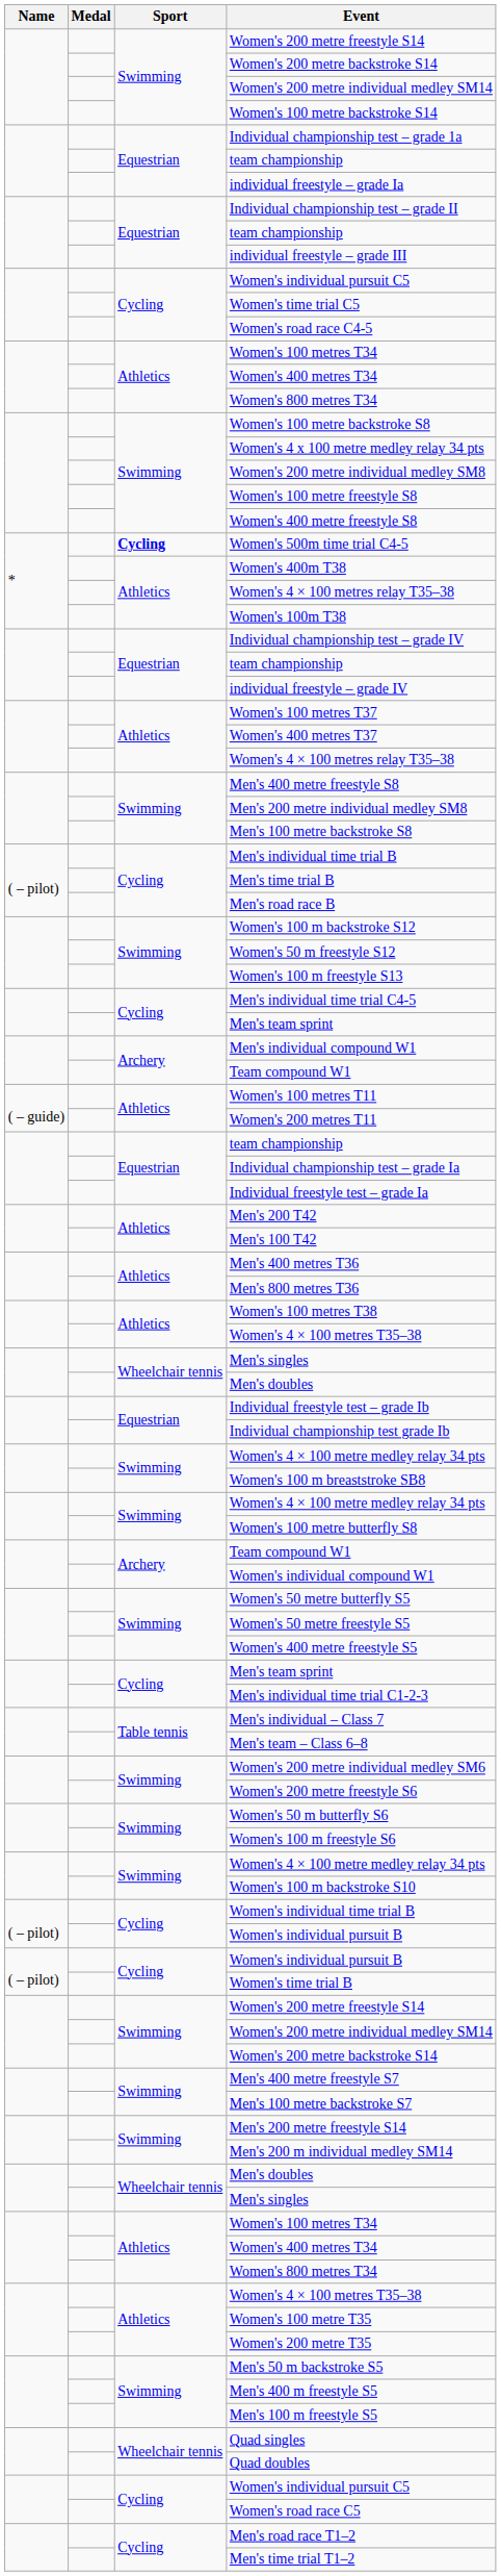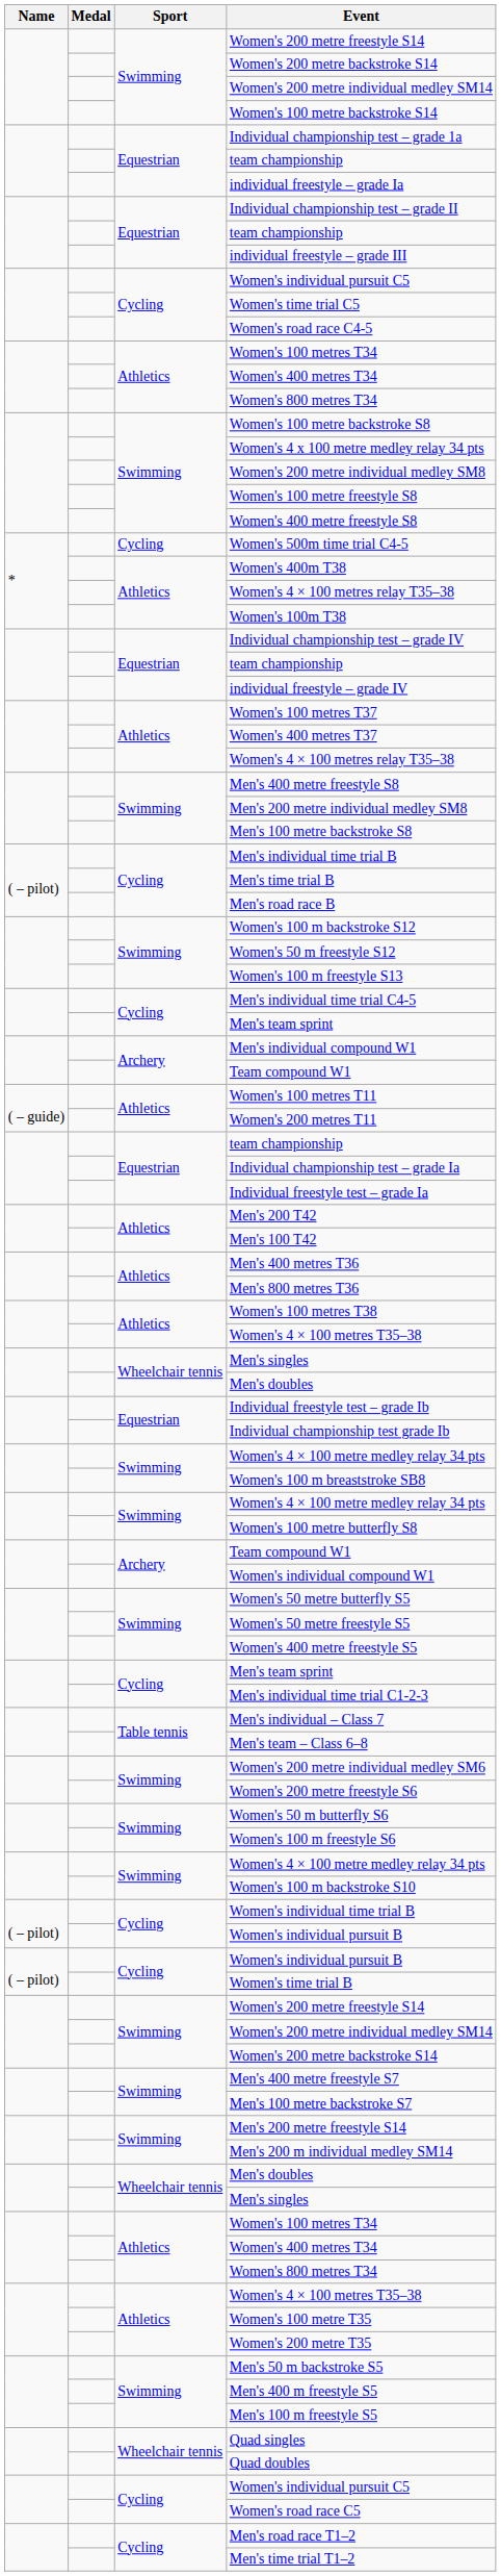 <table class="wikitable sortable" style="font-size:90%">
 <tr>
 <th>Name</th>
 <th>Medal</th>
 <th>Sport</th>
 <th>Event</th>
 </tr>
 <tr>
 <td rowspan=4></td>
 <td></td>
 <td rowspan=4><a href='#'>Swimming</a></td>
 <td><a href='#'>Women's 200 metre freestyle S14</a></td>
 </tr>
 <tr>
 <td></td>
 <td><a href='#'>Women's 200 metre backstroke S14</a></td>
 </tr>
 <tr>
 <td></td>
 <td><a href='#'>Women's 200 metre individual medley SM14</a></td>
 </tr>
 <tr>
 <td></td>
 <td><a href='#'>Women's 100 metre backstroke S14</a></td>
 </tr>
 <tr>
 <td rowspan=3></td>
 <td></td>
 <td rowspan="3"><a href='#'>Equestrian</a></td>
 <td><a href='#'>Individual championship test – grade 1a</a></td>
 </tr>
 <tr>
 <td></td>
 <td><a href='#'>team championship</a></td>
 </tr>
 <tr>
 <td></td>
 <td><a href='#'>individual freestyle – grade Ia</a></td>
 </tr>
 <tr>
 <td rowspan=3></td>
 <td></td>
 <td rowspan=3><a href='#'>Equestrian</a></td>
 <td><a href='#'>Individual championship test – grade II</a></td>
 </tr>
 <tr>
 <td></td>
 <td><a href='#'>team championship</a></td>
 </tr>
 <tr>
 <td></td>
 <td><a href='#'>individual freestyle – grade III</a></td>
 </tr>
 <tr>
 <td rowspan=3></td>
 <td></td>
 <td rowspan=3><a href='#'>Cycling</a></td>
 <td><a href='#'>Women's individual pursuit C5</a></td>
 </tr>
 <tr>
 <td></td>
 <td><a href='#'>Women's time trial C5</a></td>
 </tr>
 <tr>
 <td></td>
 <td><a href='#'>Women's road race C4-5</a></td>
 </tr>
 <tr>
 <td rowspan=3></td>
 <td></td>
 <td rowspan=3><a href='#'>Athletics</a></td>
 <td><a href='#'>Women's 100 metres T34</a></td>
 </tr>
 <tr>
 <td></td>
 <td><a href='#'>Women's 400 metres T34</a></td>
 </tr>
 <tr>
 <td></td>
 <td><a href='#'>Women's 800 metres T34</a></td>
 </tr>
 <tr>
 <td rowspan=5></td>
 <td></td>
 <td rowspan=5><a href='#'>Swimming</a></td>
 <td><a href='#'>Women's 100 metre backstroke S8</a></td>
 </tr>
 <tr>
 <td></td>
 <td><a href='#'>Women's 4 x 100 metre medley relay 34 pts</a></td>
 </tr>
 <tr>
 <td></td>
 <td><a href='#'>Women's 200 metre individual medley SM8</a></td>
 </tr>
 <tr>
 <td></td>
 <td><a href='#'>Women's 100 metre freestyle S8</a></td>
 </tr>
 <tr>
 <td></td>
 <td><a href='#'>Women's 400 metre freestyle S8</a></td>
 </tr>
 <tr>
 <td rowspan=4> *</td>
 <td></td>
-<td><strong><a href='#'>Cycling</a></strong></td>
+<td><a href='#'>Cycling</a></td>
 <td><a href='#'>Women's 500m time trial C4-5</a></td>
 </tr>
 <tr>
 <td></td>
 <td rowspan="3"><a href='#'>Athletics</a></td>
 <td><a href='#'>Women's 400m T38</a></td>
 </tr>
 <tr>
 <td></td>
 <td><a href='#'>Women's 4 × 100 metres relay T35–38</a></td>
 </tr>
 <tr>
 <td></td>
 <td><a href='#'>Women's 100m T38</a></td>
 </tr>
 <tr>
 <td rowspan=3></td>
 <td></td>
 <td rowspan=3><a href='#'>Equestrian</a></td>
 <td><a href='#'>Individual championship test – grade IV</a></td>
 </tr>
 <tr>
 <td></td>
 <td><a href='#'>team championship</a></td>
 </tr>
 <tr>
 <td></td>
 <td><a href='#'>individual freestyle – grade IV</a></td>
 </tr>
 <tr>
 <td rowspan=3></td>
 <td></td>
 <td rowspan=3><a href='#'>Athletics</a></td>
 <td><a href='#'>Women's 100 metres T37</a></td>
 </tr>
 <tr>
 <td></td>
 <td><a href='#'>Women's 400 metres T37</a></td>
 </tr>
 <tr>
 <td></td>
 <td><a href='#'>Women's 4 × 100 metres relay T35–38</a></td>
 </tr>
 <tr>
 <td rowspan=3></td>
 <td></td>
 <td rowspan=3><a href='#'>Swimming</a></td>
 <td><a href='#'>Men's 400 metre freestyle S8</a></td>
 </tr>
 <tr>
 <td></td>
 <td><a href='#'>Men's 200 metre individual medley SM8</a></td>
 </tr>
 <tr>
 <td></td>
 <td><a href='#'>Men's 100 metre backstroke S8</a></td>
 </tr>
 <tr>
 <td rowspan=3><br>( – pilot)</td>
 <td></td>
 <td rowspan=3><a href='#'>Cycling</a></td>
 <td><a href='#'>Men's individual time trial B</a></td>
 </tr>
 <tr>
 <td></td>
 <td><a href='#'>Men's time trial B</a></td>
 </tr>
 <tr>
 <td></td>
 <td><a href='#'>Men's road race B</a></td>
 </tr>
 <tr>
 <td rowspan=3></td>
 <td></td>
 <td rowspan=3><a href='#'>Swimming</a></td>
 <td><a href='#'>Women's 100 m backstroke S12</a></td>
 </tr>
 <tr>
 <td></td>
 <td><a href='#'>Women's 50 m freestyle S12</a></td>
 </tr>
 <tr>
 <td></td>
 <td><a href='#'>Women's 100 m freestyle S13</a></td>
 </tr>
 <tr>
 <td rowspan=2></td>
 <td></td>
 <td rowspan=2><a href='#'>Cycling</a></td>
 <td><a href='#'>Men's individual time trial C4-5</a></td>
 </tr>
 <tr>
 <td></td>
 <td><a href='#'>Men's team sprint</a></td>
 </tr>
 <tr>
 <td rowspan=2></td>
 <td></td>
 <td rowspan=2><a href='#'>Archery</a></td>
 <td><a href='#'>Men's individual compound W1</a></td>
 </tr>
 <tr>
 <td></td>
 <td><a href='#'>Team compound W1</a></td>
 </tr>
 <tr>
 <td rowspan=2><br>( – guide)</td>
 <td></td>
 <td rowspan=2><a href='#'>Athletics</a></td>
 <td><a href='#'>Women's 100 metres T11</a></td>
 </tr>
 <tr>
 <td></td>
 <td><a href='#'>Women's 200 metres T11</a></td>
 </tr>
 <tr>
 <td rowspan=3></td>
 <td></td>
 <td rowspan=3><a href='#'>Equestrian</a></td>
 <td><a href='#'>team championship</a></td>
 </tr>
 <tr>
 <td></td>
 <td><a href='#'>Individual championship test – grade Ia</a></td>
 </tr>
 <tr>
 <td></td>
 <td><a href='#'>Individual freestyle test – grade Ia</a></td>
 </tr>
 <tr>
 <td rowspan=2></td>
 <td></td>
 <td rowspan=2><a href='#'>Athletics</a></td>
 <td><a href='#'>Men's 200 T42</a></td>
 </tr>
 <tr>
 <td></td>
 <td><a href='#'>Men's 100 T42</a></td>
 </tr>
 <tr>
 <td rowspan=2></td>
 <td></td>
 <td rowspan=2><a href='#'>Athletics</a></td>
 <td><a href='#'>Men's 400 metres T36</a></td>
 </tr>
 <tr>
 <td></td>
 <td><a href='#'>Men's 800 metres T36</a></td>
 </tr>
 <tr>
 <td rowspan=2></td>
 <td></td>
 <td rowspan=2><a href='#'>Athletics</a></td>
 <td><a href='#'>Women's 100 metres T38</a></td>
 </tr>
 <tr>
 <td></td>
 <td><a href='#'>Women's 4 × 100 metres T35–38</a></td>
 </tr>
 <tr>
 <td rowspan=2></td>
 <td></td>
 <td rowspan=2><a href='#'>Wheelchair tennis</a></td>
 <td><a href='#'>Men's singles</a></td>
 </tr>
 <tr>
 <td></td>
 <td><a href='#'>Men's doubles</a></td>
 </tr>
 <tr>
 <td rowspan=2></td>
 <td></td>
 <td rowspan=2><a href='#'>Equestrian</a></td>
 <td><a href='#'>Individual freestyle test – grade Ib</a></td>
 </tr>
 <tr>
 <td></td>
 <td><a href='#'>Individual championship test grade Ib</a></td>
 </tr>
 <tr>
 <td rowspan=2></td>
 <td><br></td>
 <td rowspan=2><a href='#'>Swimming</a></td>
 <td><a href='#'>Women's 4 × 100 metre medley relay 34 pts</a></td>
 </tr>
 <tr>
 <td></td>
 <td><a href='#'>Women's 100 m breaststroke SB8</a></td>
 </tr>
 <tr>
 <td rowspan=2></td>
 <td><br></td>
 <td rowspan=2><a href='#'>Swimming</a></td>
 <td><a href='#'>Women's 4 × 100 metre medley relay 34 pts</a></td>
 </tr>
 <tr>
 <td></td>
 <td><a href='#'>Women's 100 metre butterfly S8</a></td>
 </tr>
 <tr>
 <td rowspan=2></td>
 <td></td>
 <td rowspan=2><a href='#'>Archery</a></td>
 <td><a href='#'>Team compound W1</a></td>
 </tr>
 <tr>
 <td></td>
 <td><a href='#'>Women's individual compound W1</a></td>
 </tr>
 <tr>
 <td rowspan=3></td>
 <td></td>
 <td rowspan=3><a href='#'>Swimming</a></td>
 <td><a href='#'>Women's 50 metre butterfly S5</a></td>
 </tr>
 <tr>
 <td></td>
 <td><a href='#'>Women's 50 metre freestyle S5</a></td>
 </tr>
 <tr>
 <td></td>
 <td><a href='#'>Women's 400 metre freestyle S5</a></td>
 </tr>
 <tr>
 <td rowspan=2></td>
 <td><br></td>
 <td rowspan=2><a href='#'>Cycling</a></td>
 <td><a href='#'>Men's team sprint</a></td>
 </tr>
 <tr>
 <td></td>
 <td><a href='#'>Men's individual time trial C1-2-3</a></td>
 </tr>
 <tr>
 <td rowspan=2></td>
 <td><br></td>
 <td rowspan=2><a href='#'>Table tennis</a></td>
 <td><a href='#'>Men's individual – Class 7</a></td>
 </tr>
 <tr>
 <td></td>
 <td><a href='#'>Men's team – Class 6–8</a></td>
 </tr>
 <tr>
 <td rowspan=2></td>
 <td><br></td>
 <td rowspan=2><a href='#'>Swimming</a></td>
 <td><a href='#'>Women's 200 metre individual medley SM6</a></td>
 </tr>
 <tr>
 <td></td>
 <td><a href='#'>Women's 200 metre freestyle S6</a></td>
 </tr>
 <tr>
 <td rowspan=2></td>
 <td><br></td>
 <td rowspan=2><a href='#'>Swimming</a></td>
 <td><a href='#'>Women's 50 m butterfly S6</a></td>
 </tr>
 <tr>
 <td></td>
 <td><a href='#'>Women's 100 m freestyle S6</a></td>
 </tr>
 <tr>
 <td rowspan=2></td>
 <td><br></td>
 <td rowspan=2><a href='#'>Swimming</a></td>
 <td><a href='#'>Women's 4 × 100 metre medley relay 34 pts</a></td>
 </tr>
 <tr>
 <td></td>
 <td><a href='#'>Women's 100 m backstroke S10</a></td>
 </tr>
 <tr>
 <td rowspan=2><br>( – pilot)</td>
 <td></td>
 <td rowspan=2><a href='#'>Cycling</a></td>
 <td><a href='#'>Women's individual time trial B</a></td>
 </tr>
 <tr>
 <td></td>
 <td><a href='#'>Women's individual pursuit B</a></td>
 </tr>
 <tr>
 <td rowspan=2><br>( – pilot)</td>
 <td></td>
 <td rowspan=2><a href='#'>Cycling</a></td>
 <td><a href='#'>Women's individual pursuit B</a></td>
 </tr>
 <tr>
 <td></td>
 <td><a href='#'>Women's time trial B</a></td>
 </tr>
 <tr>
 <td rowspan=3></td>
 <td></td>
 <td rowspan=3><a href='#'>Swimming</a></td>
 <td><a href='#'>Women's 200 metre freestyle S14</a></td>
 </tr>
 <tr>
 <td></td>
 <td><a href='#'>Women's 200 metre individual medley SM14</a></td>
 </tr>
 <tr>
 <td></td>
 <td><a href='#'>Women's 200 metre backstroke S14</a></td>
 </tr>
 <tr>
 <td rowspan=2></td>
 <td></td>
 <td rowspan=2><a href='#'>Swimming</a></td>
 <td><a href='#'>Men's 400 metre freestyle S7</a></td>
 </tr>
 <tr>
 <td></td>
 <td><a href='#'>Men's 100 metre backstroke S7</a></td>
 </tr>
 <tr>
 <td rowspan=2></td>
 <td></td>
 <td rowspan=2><a href='#'>Swimming</a></td>
 <td><a href='#'>Men's 200 metre freestyle S14</a></td>
 </tr>
 <tr>
 <td></td>
 <td><a href='#'>Men's 200 m individual medley SM14</a></td>
 </tr>
 <tr>
 <td rowspan=2></td>
 <td></td>
 <td rowspan=2><a href='#'>Wheelchair tennis</a></td>
 <td><a href='#'>Men's doubles</a></td>
 </tr>
 <tr>
 <td></td>
 <td><a href='#'>Men's singles</a></td>
 </tr>
 <tr>
 <td rowspan=3></td>
 <td></td>
 <td rowspan=3><a href='#'>Athletics</a></td>
 <td><a href='#'>Women's 100 metres T34</a></td>
 </tr>
 <tr>
 <td></td>
 <td><a href='#'>Women's 400 metres T34</a></td>
 </tr>
 <tr>
 <td></td>
 <td><a href='#'>Women's 800 metres T34</a></td>
 </tr>
 <tr>
 <td rowspan=3></td>
 <td></td>
 <td rowspan=3><a href='#'>Athletics</a></td>
 <td><a href='#'>Women's 4 × 100 metres T35–38</a></td>
 </tr>
 <tr>
 <td></td>
 <td><a href='#'>Women's 100 metre T35</a></td>
 </tr>
 <tr>
 <td></td>
 <td><a href='#'>Women's 200 metre T35</a></td>
 </tr>
 <tr>
 <td rowspan=3></td>
 <td></td>
 <td rowspan=3><a href='#'>Swimming</a></td>
 <td><a href='#'>Men's 50 m backstroke S5</a></td>
 </tr>
 <tr>
 <td></td>
 <td><a href='#'>Men's 400 m freestyle S5</a></td>
 </tr>
 <tr>
 <td></td>
 <td><a href='#'>Men's 100 m freestyle S5</a></td>
 </tr>
 <tr>
 <td rowspan=2></td>
 <td></td>
 <td rowspan=2><a href='#'>Wheelchair tennis</a></td>
 <td><a href='#'>Quad singles</a></td>
 </tr>
 <tr>
 <td></td>
 <td><a href='#'>Quad doubles</a></td>
 </tr>
 <tr>
 <td rowspan=2></td>
 <td></td>
 <td rowspan=2><a href='#'>Cycling</a></td>
 <td><a href='#'>Women's individual pursuit C5</a></td>
 </tr>
 <tr>
 <td></td>
 <td><a href='#'>Women's road race C5</a></td>
 </tr>
 <tr>
 <td rowspan=2></td>
 <td></td>
 <td rowspan=2><a href='#'>Cycling</a></td>
 <td><a href='#'>Men's road race T1–2</a></td>
 </tr>
 <tr>
 <td></td>
 <td><a href='#'>Men's time trial T1–2</a></td>
 </tr>
 </table>
